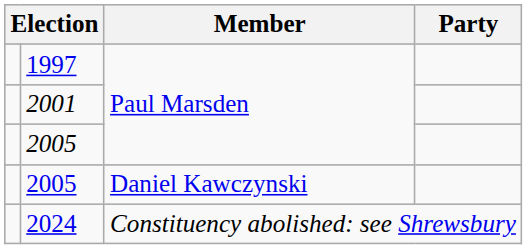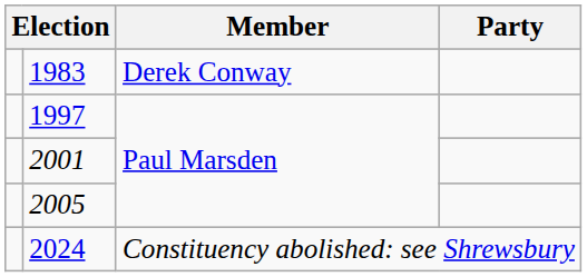 <table class="wikitable">
 <tr>
 <th colspan="2">Election</th>
 <th>Member</th>
 <th>Party</th>
+</tr>
+<tr>
+<td style="color:inherit;background-color: "></td>
+<td><a href='#'>1983</a></td>
+<td><a href='#'>Derek Conway</a></td>
+<td></td>
 </tr>
 <tr>
 <td style="color:inherit;background-color: "></td>
 <td><a href='#'>1997</a></td>
 <td rowspan="3"><a href='#'>Paul Marsden</a></td>
 <td></td>
 </tr>
 <tr>
 <td style="color:inherit;background-color: "></td>
 <td><em>2001</em></td>
 <td></td>
 </tr>
 <tr>
 <td style="color:inherit;background-color: "></td>
 <td><em>2005</em></td>
 <td></td>
 </tr>
 <tr>
-<td style="color:inherit;background-color: "></td>
-<td><a href='#'>2005</a></td>
-<td><a href='#'>Daniel Kawczynski</a></td>
-<td></td>
-</tr>
-<tr>
 <td></td>
 <td><a href='#'>2024</a></td>
 <td colspan="2"><em>Constituency abolished: see <a href='#'>Shrewsbury</a></em></td>
 </tr>
 </table>
